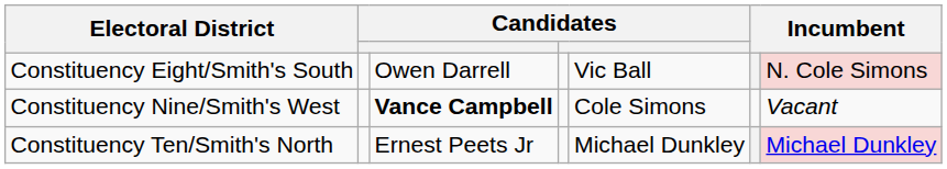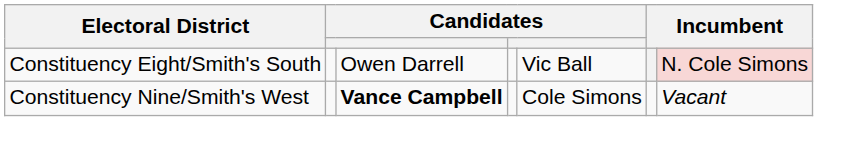 <table class="wikitable">
 <tr>
 <th rowspan="2">Electoral District</th>
 <th colspan="4">Candidates</th>
 <th colspan="2" rowspan="2">Incumbent</th>
 </tr>
 <tr>
 <th colspan="2" style="background:"><a href='#'></a></th>
 <th colspan="2" style="background:"><a href='#'></a></th>
 </tr>
 <tr>
 <td>Constituency Eight/Smith's South</td>
 <td></td>
 <td>Owen Darrell</td>
 <td></td>
 <td>Vic Ball</td>
 <th style="background:"></th>
 <td style="background:#F8D7D6;">N. Cole Simons</td>
 </tr>
 <tr>
 <td>Constituency Nine/Smith's West</td>
 <td></td>
 <td><strong>Vance Campbell</strong></td>
 <td></td>
 <td>Cole Simons</td>
 <td></td>
 <td><em>Vacant</em></td>
 </tr>
-<tr>
-<td>Constituency Ten/Smith's North</td>
-<td></td>
-<td>Ernest Peets Jr</td>
-<td></td>
-<td>Michael Dunkley</td>
-<th style="background:"></th>
-<td style="background:#F8D7D6;"><a href='#'>Michael Dunkley</a></td>
-</tr>
 </table>
